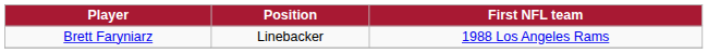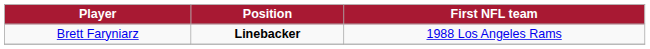 <table class="wikitable" width="65%">
 <tr>
 <th style="background:#A81933;color:#FFFFFF;">Player</th>
 <th style="background:#A81933;color:#FFFFFF;">Position</th>
 <th style="background:#A81933;color:#FFFFFF;">First NFL team</th>
 </tr>
 <tr align="center" bgcolor="">
 <td><a href='#'>Brett Faryniarz</a></td>
-<td>Linebacker</td>
+<td><strong>Linebacker</strong></td>
 <td><a href='#'>1988 Los Angeles Rams</a></td>
 </tr>
 <tr align="center" bgcolor="">
 </tr>
 </table>
